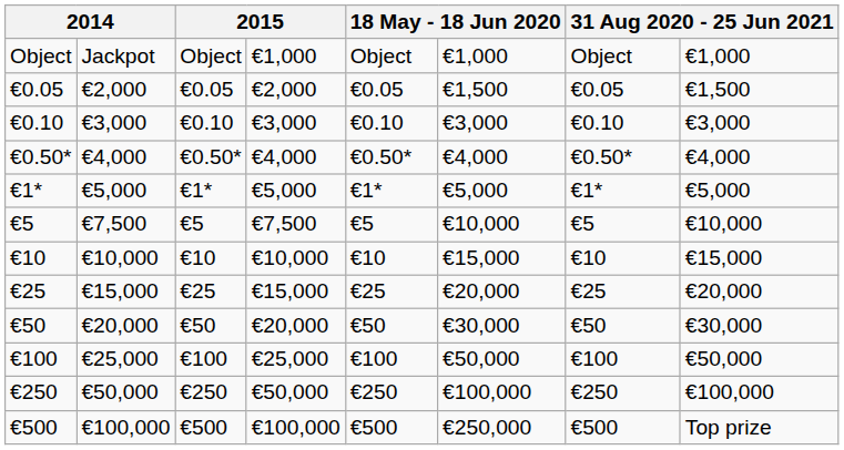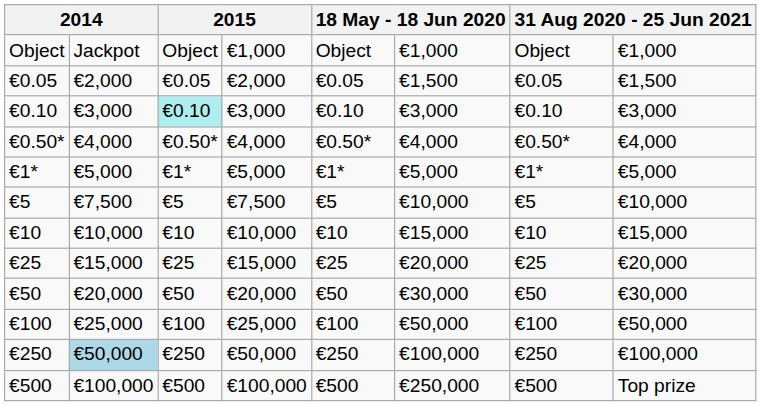 <table class="wikitable">
 <tr>
 <th colspan="2">2014</th>
 <th colspan="2">2015</th>
 <th colspan="2">18 May - 18 Jun 2020</th>
 <th colspan="2">31 Aug 2020 - 25 Jun 2021</th>
 </tr>
 <tr>
 <td>Object</td>
 <td>Jackpot</td>
 <td>Object</td>
 <td>€1,000</td>
 <td>Object</td>
 <td>€1,000</td>
 <td>Object</td>
 <td>€1,000</td>
 </tr>
 <tr>
 <td>€0.05</td>
 <td>€2,000</td>
 <td>€0.05</td>
 <td>€2,000</td>
 <td>€0.05</td>
 <td>€1,500</td>
 <td>€0.05</td>
 <td>€1,500</td>
 </tr>
 <tr>
 <td>€0.10</td>
 <td>€3,000</td>
-<td>€0.10</td>
+<td style="background: paleturquoise;">€0.10</td>
 <td>€3,000</td>
 <td>€0.10</td>
 <td>€3,000</td>
 <td>€0.10</td>
 <td>€3,000</td>
 </tr>
 <tr>
 <td>€0.50*</td>
 <td>€4,000</td>
 <td>€0.50*</td>
 <td>€4,000</td>
 <td>€0.50*</td>
 <td>€4,000</td>
 <td>€0.50*</td>
 <td>€4,000</td>
 </tr>
 <tr>
 <td>€1*</td>
 <td>€5,000</td>
 <td>€1*</td>
 <td>€5,000</td>
 <td>€1*</td>
 <td>€5,000</td>
 <td>€1*</td>
 <td>€5,000</td>
 </tr>
 <tr>
 <td>€5</td>
 <td>€7,500</td>
 <td>€5</td>
 <td>€7,500</td>
 <td>€5</td>
 <td>€10,000</td>
 <td>€5</td>
 <td>€10,000</td>
 </tr>
 <tr>
 <td>€10</td>
 <td>€10,000</td>
 <td>€10</td>
 <td>€10,000</td>
 <td>€10</td>
 <td>€15,000</td>
 <td>€10</td>
 <td>€15,000</td>
 </tr>
 <tr>
 <td>€25</td>
 <td>€15,000</td>
 <td>€25</td>
 <td>€15,000</td>
 <td>€25</td>
 <td>€20,000</td>
 <td>€25</td>
 <td>€20,000</td>
 </tr>
 <tr>
 <td>€50</td>
 <td>€20,000</td>
 <td>€50</td>
 <td>€20,000</td>
 <td>€50</td>
 <td>€30,000</td>
 <td>€50</td>
 <td>€30,000</td>
 </tr>
 <tr>
 <td>€100</td>
 <td>€25,000</td>
 <td>€100</td>
 <td>€25,000</td>
 <td>€100</td>
 <td>€50,000</td>
 <td>€100</td>
 <td>€50,000</td>
 </tr>
 <tr>
 <td>€250</td>
-<td>€50,000</td>
+<td style="background: lightblue;">€50,000</td>
 <td>€250</td>
 <td>€50,000</td>
 <td>€250</td>
 <td>€100,000</td>
 <td>€250</td>
 <td>€100,000</td>
 </tr>
 <tr>
 <td>€500</td>
 <td>€100,000</td>
 <td>€500</td>
 <td>€100,000</td>
 <td>€500</td>
 <td>€250,000</td>
 <td>€500</td>
 <td>Top prize</td>
 </tr>
 </table>
